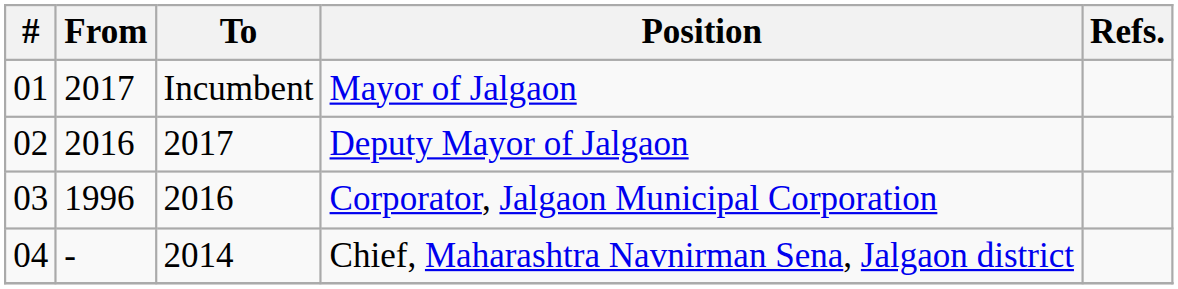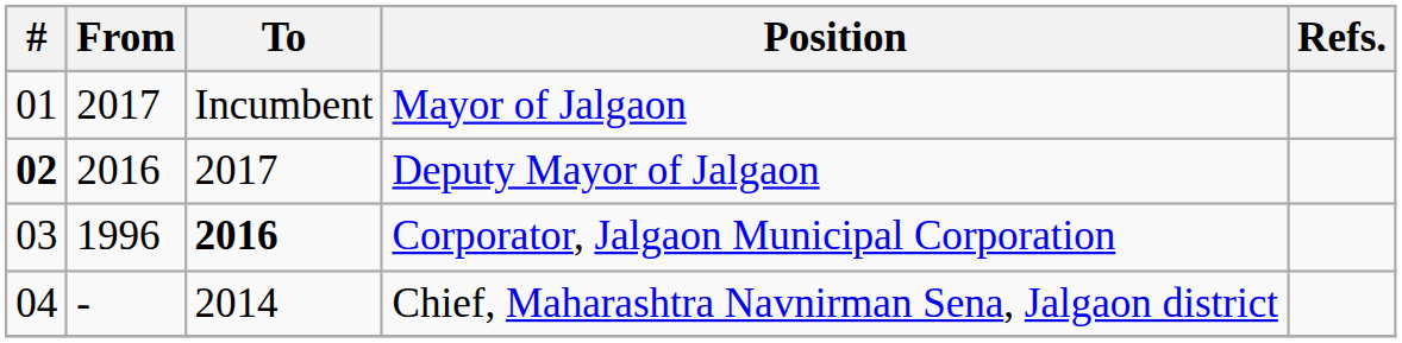 <table class="wikitable sortable">
 <tr>
 <th>#</th>
 <th>From</th>
 <th>To</th>
 <th>Position</th>
 <th>Refs.</th>
 </tr>
 <tr>
 <td>01</td>
 <td>2017</td>
 <td>Incumbent</td>
 <td><a href='#'>Mayor of Jalgaon</a></td>
 <td></td>
 </tr>
 <tr>
-<td>02</td>
+<td><strong>02</strong></td>
 <td>2016</td>
 <td>2017</td>
 <td><a href='#'>Deputy Mayor of Jalgaon</a></td>
 <td></td>
 </tr>
 <tr>
 <td>03</td>
 <td>1996</td>
-<td>2016</td>
+<td><strong>2016</strong></td>
 <td><a href='#'>Corporator</a>, <a href='#'>Jalgaon Municipal Corporation</a></td>
 <td></td>
 </tr>
 <tr>
 <td>04</td>
 <td>-</td>
 <td>2014</td>
 <td>Chief, <a href='#'>Maharashtra Navnirman Sena</a>, <a href='#'>Jalgaon district</a></td>
 <td></td>
 </tr>
 <tr>
 </tr>
 </table>
